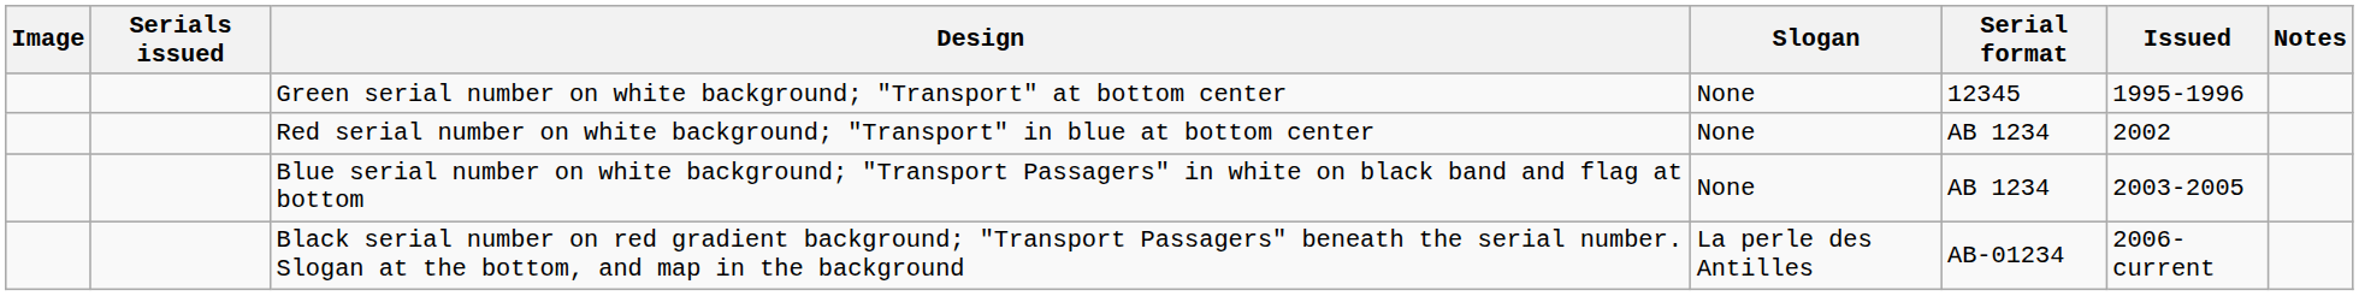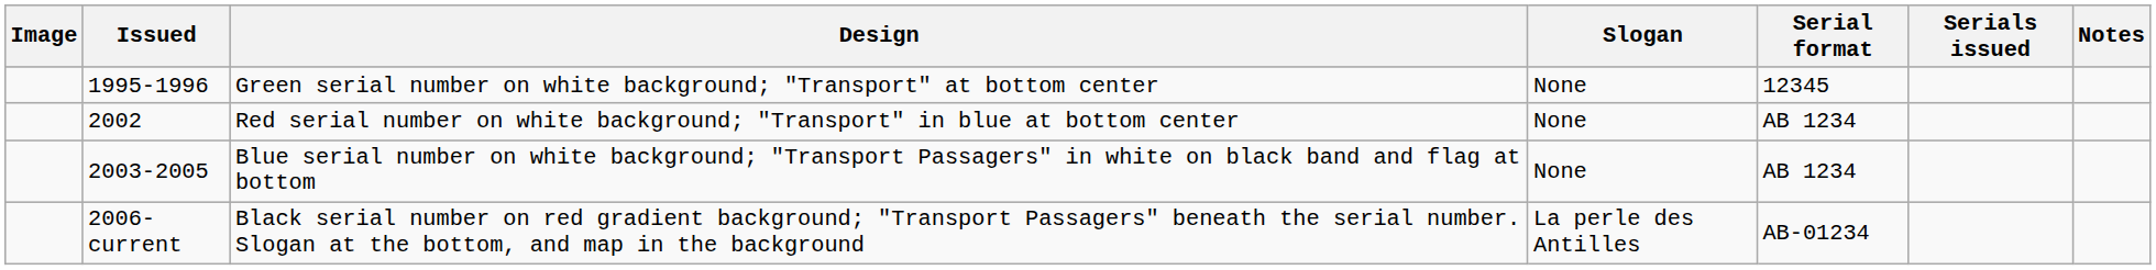 <table class="wikitable">
 <tr>
 <th>Image</th>
-<th>Serials issued</th>
+<th>Issued</th>
 <th>Design</th>
 <th>Slogan</th>
 <th>Serial format</th>
-<th>Issued</th>
+<th>Serials issued</th>
 <th>Notes</th>
 </tr>
 <tr>
 <td></td>
-<td></td>
+<td>1995-1996</td>
 <td>Green serial number on white background; "Transport" at bottom center</td>
 <td>None</td>
 <td>12345</td>
-<td>1995-1996</td>
+<td></td>
 <td></td>
 </tr>
 <tr>
 <td></td>
-<td></td>
+<td>2002</td>
 <td>Red serial number on white background; "Transport" in blue at bottom center</td>
 <td>None</td>
 <td>AB 1234</td>
-<td>2002</td>
+<td></td>
 <td></td>
 </tr>
 <tr>
 <td></td>
-<td></td>
+<td>2003-2005</td>
 <td>Blue serial number on white background; "Transport Passagers" in white on black band and flag at bottom</td>
 <td>None</td>
 <td>AB 1234</td>
-<td>2003-2005</td>
+<td></td>
 <td></td>
 </tr>
 <tr>
 <td></td>
-<td></td>
+<td>2006-current</td>
 <td>Black serial number on red gradient background; "Transport Passagers" beneath the serial number. Slogan at the bottom, and map in the background</td>
 <td>La perle des Antilles</td>
 <td>AB-01234</td>
-<td>2006-current</td>
+<td></td>
 <td></td>
 </tr>
 </table>
